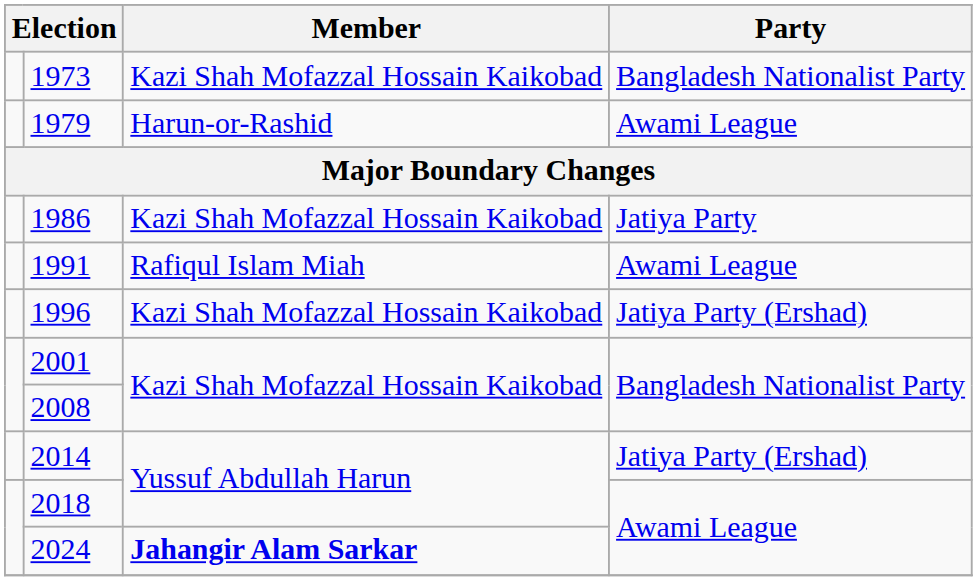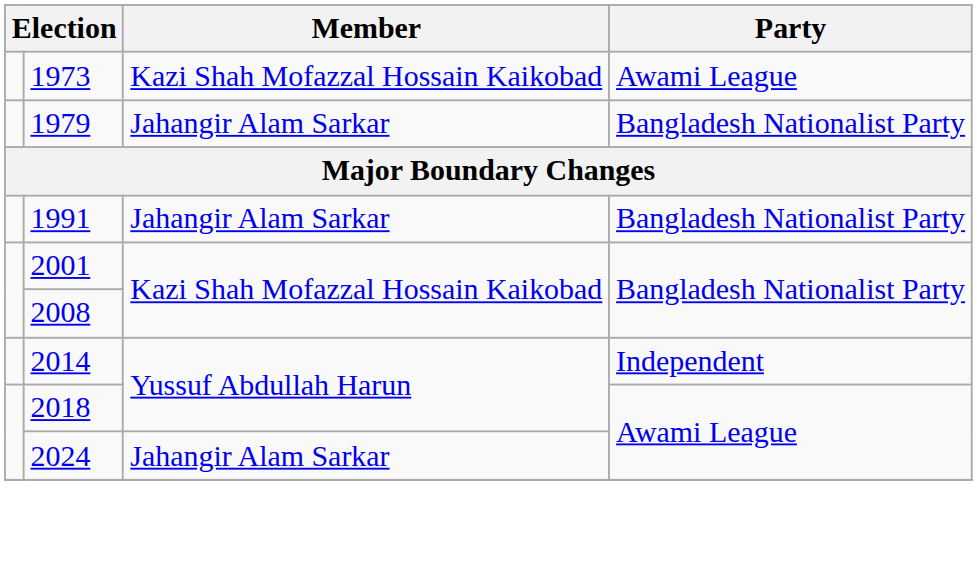 <table class="wikitable">
 <tr>
 <th colspan="2">Election</th>
 <th>Member</th>
 <th>Party</th>
 </tr>
 <tr>
 <td style="background-color:"></td>
 <td><a href='#'>1973</a></td>
 <td><a href='#'>Kazi Shah Mofazzal Hossain Kaikobad</a></td>
-<td><a href='#'>Bangladesh Nationalist Party</a></td>
+<td><a href='#'>Awami League</a></td>
 </tr>
 <tr>
 <td style="background-color:"></td>
 <td><a href='#'>1979</a></td>
-<td><a href='#'>Harun-or-Rashid</a></td>
-<td><a href='#'>Awami League</a></td>
+<td><a href='#'>Jahangir Alam Sarkar</a></td>
+<td><a href='#'>Bangladesh Nationalist Party</a></td>
 </tr>
 <tr>
 <th colspan="4">Major Boundary Changes</th>
 </tr>
 <tr>
 <td style="background-color:"></td>
-<td><a href='#'>1986</a></td>
-<td><a href='#'>Kazi Shah Mofazzal Hossain Kaikobad</a></td>
-<td><a href='#'>Jatiya Party</a></td>
-</tr>
-<tr>
-<td style="background-color:"></td>
 <td><a href='#'>1991</a></td>
-<td><a href='#'>Rafiqul Islam Miah</a></td>
-<td><a href='#'>Awami League</a></td>
-</tr>
-<tr>
-<td style="background-color:"></td>
-<td><a href='#'>1996</a></td>
-<td><a href='#'>Kazi Shah Mofazzal Hossain Kaikobad</a></td>
-<td><a href='#'>Jatiya Party (Ershad)</a></td>
+<td><a href='#'>Jahangir Alam Sarkar</a></td>
+<td><a href='#'>Bangladesh Nationalist Party</a></td>
 </tr>
 <tr>
 <td rowspan="2" style="background-color:"></td>
 <td><a href='#'>2001</a></td>
 <td rowspan="2"><a href='#'>Kazi Shah Mofazzal Hossain Kaikobad</a></td>
 <td rowspan="2"><a href='#'>Bangladesh Nationalist Party</a></td>
 </tr>
 <tr>
 <td><a href='#'>2008</a></td>
 </tr>
 <tr>
 <td style="background-color:"></td>
 <td><a href='#'>2014</a></td>
 <td rowspan="2"><a href='#'>Yussuf Abdullah Harun</a></td>
-<td><a href='#'>Jatiya Party (Ershad)</a></td>
+<td><a href='#'>Independent</a></td>
 </tr>
 <tr>
 <td rowspan="2" style="background-color:"></td>
 <td><a href='#'>2018</a></td>
 <td rowspan="2"><a href='#'>Awami League</a></td>
 </tr>
 <tr>
 <td><a href='#'>2024</a></td>
-<td><strong><a href='#'>Jahangir Alam Sarkar</a></strong></td>
+<td><a href='#'>Jahangir Alam Sarkar</a></td>
 </tr>
 <tr>
 </tr>
 </table>
